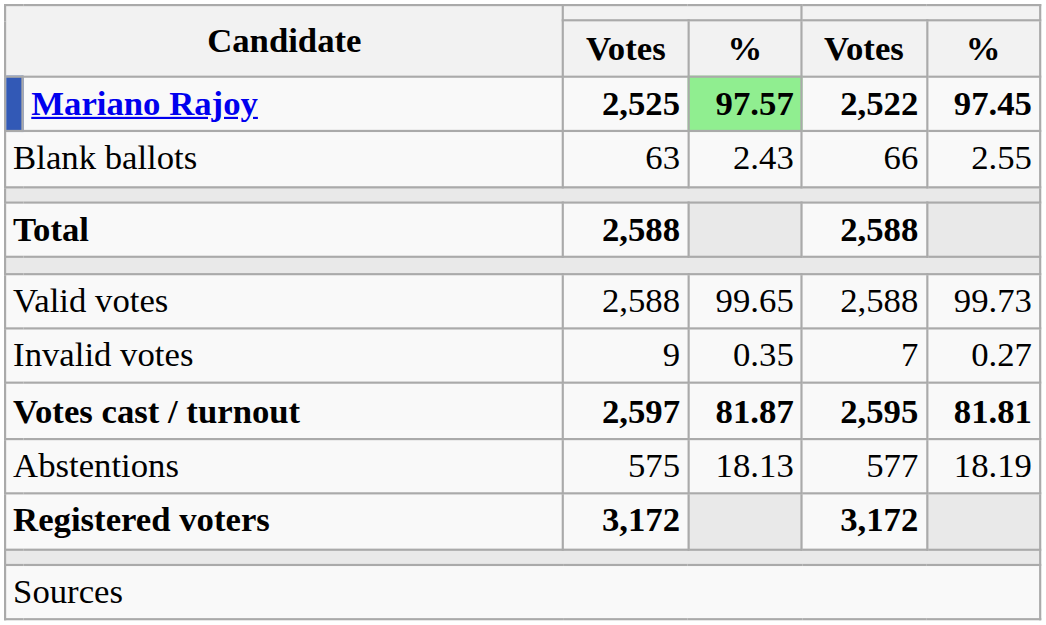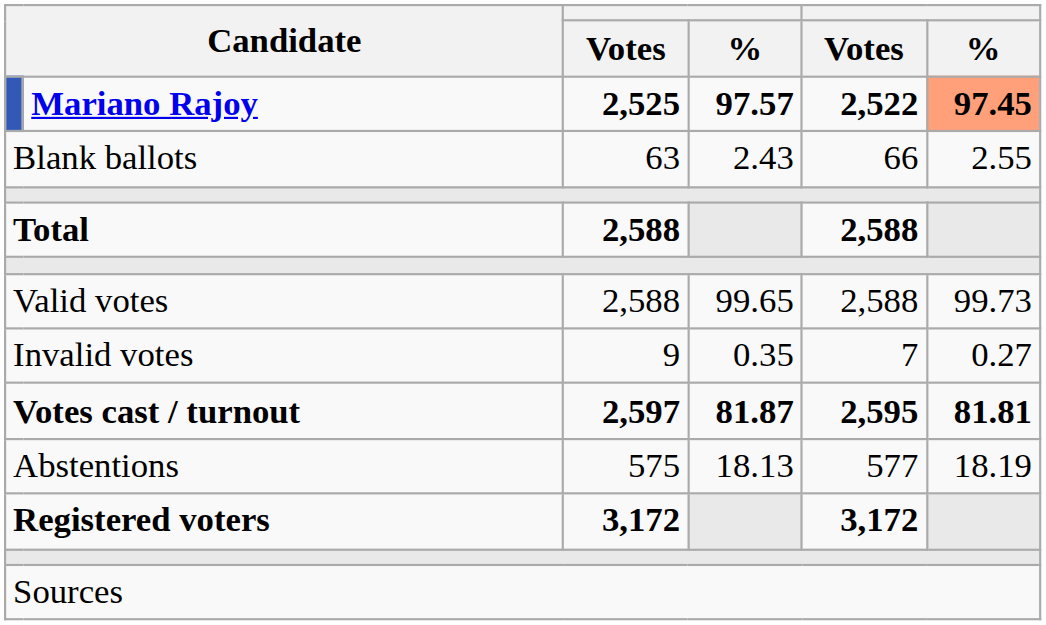 <table class="wikitable" style="text-align:right;">
 <tr>
 <th rowspan="2" colspan="2" width="250">Candidate</th>
 <th colspan="2"></th>
 <th colspan="2"></th>
 </tr>
 <tr>
 <th width="50">Votes</th>
 <th width="45">%</th>
 <th width="50">Votes</th>
 <th width="45">%</th>
 </tr>
 <tr>
 <td width="1" style="color:inherit;background:#3259B6"></td>
 <td align="left"><strong><a href='#'>Mariano Rajoy</a></strong></td>
 <td><strong>2,525</strong></td>
-<td style="background: lightgreen;"><strong>97.57</strong></td>
+<td><strong>97.57</strong></td>
 <td><strong>2,522</strong></td>
-<td><strong>97.45</strong></td>
+<td style="background: lightsalmon;"><strong>97.45</strong></td>
 </tr>
 <tr>
 <td align="left" colspan="2">Blank ballots</td>
 <td>63</td>
 <td>2.43</td>
 <td>66</td>
 <td>2.55</td>
 </tr>
 <tr>
 <td colspan="6" bgcolor="#E9E9E9"></td>
 </tr>
 <tr style="font-weight:bold;">
 <td align="left" colspan="2">Total</td>
 <td>2,588</td>
 <td bgcolor="#E9E9E9"></td>
 <td>2,588</td>
 <td bgcolor="#E9E9E9"></td>
 </tr>
 <tr>
 <td colspan="6" bgcolor="#E9E9E9"></td>
 </tr>
 <tr>
 <td align="left" colspan="2">Valid votes</td>
 <td>2,588</td>
 <td>99.65</td>
 <td>2,588</td>
 <td>99.73</td>
 </tr>
 <tr>
 <td align="left" colspan="2">Invalid votes</td>
 <td>9</td>
 <td>0.35</td>
 <td>7</td>
 <td>0.27</td>
 </tr>
 <tr style="font-weight:bold;">
 <td align="left" colspan="2">Votes cast / turnout</td>
 <td>2,597</td>
 <td>81.87</td>
 <td>2,595</td>
 <td>81.81</td>
 </tr>
 <tr>
 <td align="left" colspan="2">Abstentions</td>
 <td>575</td>
 <td>18.13</td>
 <td>577</td>
 <td>18.19</td>
 </tr>
 <tr style="font-weight:bold;">
 <td align="left" colspan="2">Registered voters</td>
 <td>3,172</td>
 <td bgcolor="#E9E9E9"></td>
 <td>3,172</td>
 <td bgcolor="#E9E9E9"></td>
 </tr>
 <tr>
 <td colspan="6" bgcolor="#E9E9E9"></td>
 </tr>
 <tr>
 <td align="left" colspan="6">Sources</td>
 </tr>
 </table>
